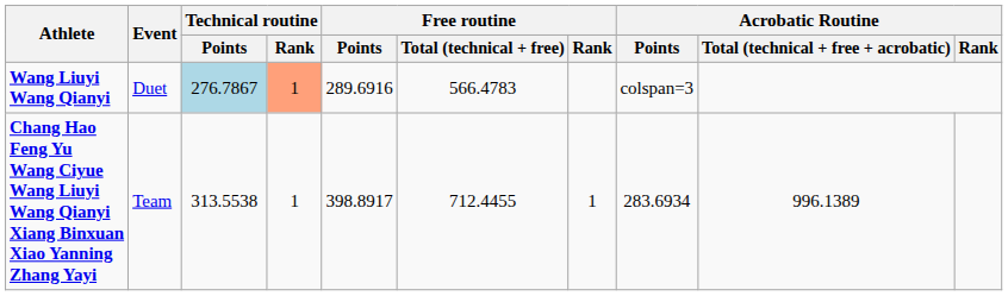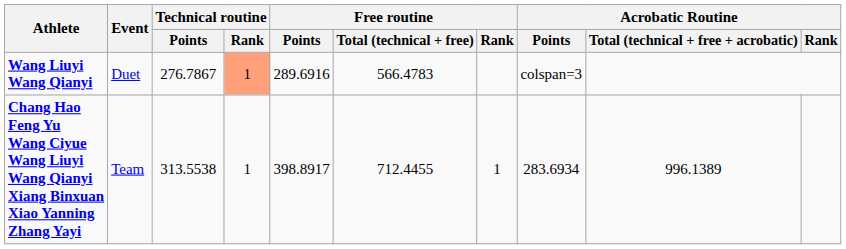 <table class="wikitable" style="font-size:90%">
 <tr>
 <th rowspan="2">Athlete</th>
 <th rowspan="2">Event</th>
 <th colspan=2>Technical routine</th>
 <th colspan=3>Free routine</th>
 <th colspan=3>Acrobatic Routine</th>
 </tr>
 <tr style="font-size:95%">
 <th>Points</th>
 <th>Rank</th>
 <th>Points</th>
 <th>Total (technical + free)</th>
 <th>Rank</th>
 <th>Points</th>
 <th>Total (technical + free + acrobatic)</th>
 <th>Rank</th>
 </tr>
 <tr align=center>
 <td align=left><strong><a href='#'>Wang Liuyi</a><br><a href='#'>Wang Qianyi</a></strong></td>
 <td align=left><a href='#'>Duet</a></td>
-<td style="background: lightblue;">276.7867</td>
+<td>276.7867</td>
 <td style="background: lightsalmon;">1</td>
 <td>289.6916</td>
 <td>566.4783</td>
 <td></td>
 <td>colspan=3</td>
 </tr>
 <tr align=center>
 <td align=left><strong><a href='#'>Chang Hao</a><br><a href='#'>Feng Yu</a><br><a href='#'>Wang Ciyue</a><br><a href='#'>Wang Liuyi</a><br><a href='#'>Wang Qianyi</a><br><a href='#'>Xiang Binxuan</a><br><a href='#'>Xiao Yanning</a><br><a href='#'>Zhang Yayi</a></strong></td>
 <td align=left><a href='#'>Team</a></td>
 <td>313.5538</td>
 <td>1</td>
 <td>398.8917</td>
 <td>712.4455</td>
 <td>1</td>
 <td>283.6934</td>
 <td>996.1389</td>
 <td></td>
 </tr>
 </table>
